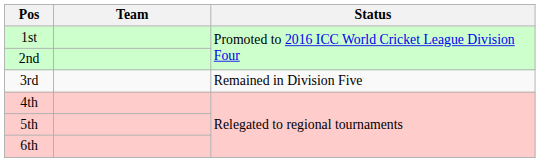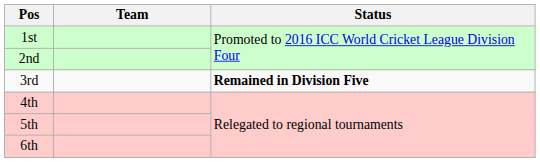 <table class="wikitable">
 <tr>
 <th width=50>Pos</th>
 <th width=175>Team</th>
 <th width=370>Status</th>
 </tr>
 <tr style="background:#cfc">
 <td align="center">1st</td>
 <td></td>
 <td rowspan=2>Promoted to <a href='#'>2016 ICC World Cricket League Division Four</a></td>
 </tr>
 <tr style="background:#cfc">
 <td align="center">2nd</td>
 <td></td>
 </tr>
 <tr>
 <td align="center">3rd</td>
 <td></td>
-<td>Remained in Division Five</td>
+<td><strong>Remained in Division Five</strong></td>
 </tr>
 <tr style="background:#fcc">
 <td align="center">4th</td>
 <td></td>
 <td rowspan=3>Relegated to regional tournaments</td>
 </tr>
 <tr style="background:#fcc">
 <td align="center">5th</td>
 <td></td>
 </tr>
 <tr style="background:#fcc">
 <td align="center">6th</td>
 <td></td>
 </tr>
 </table>
